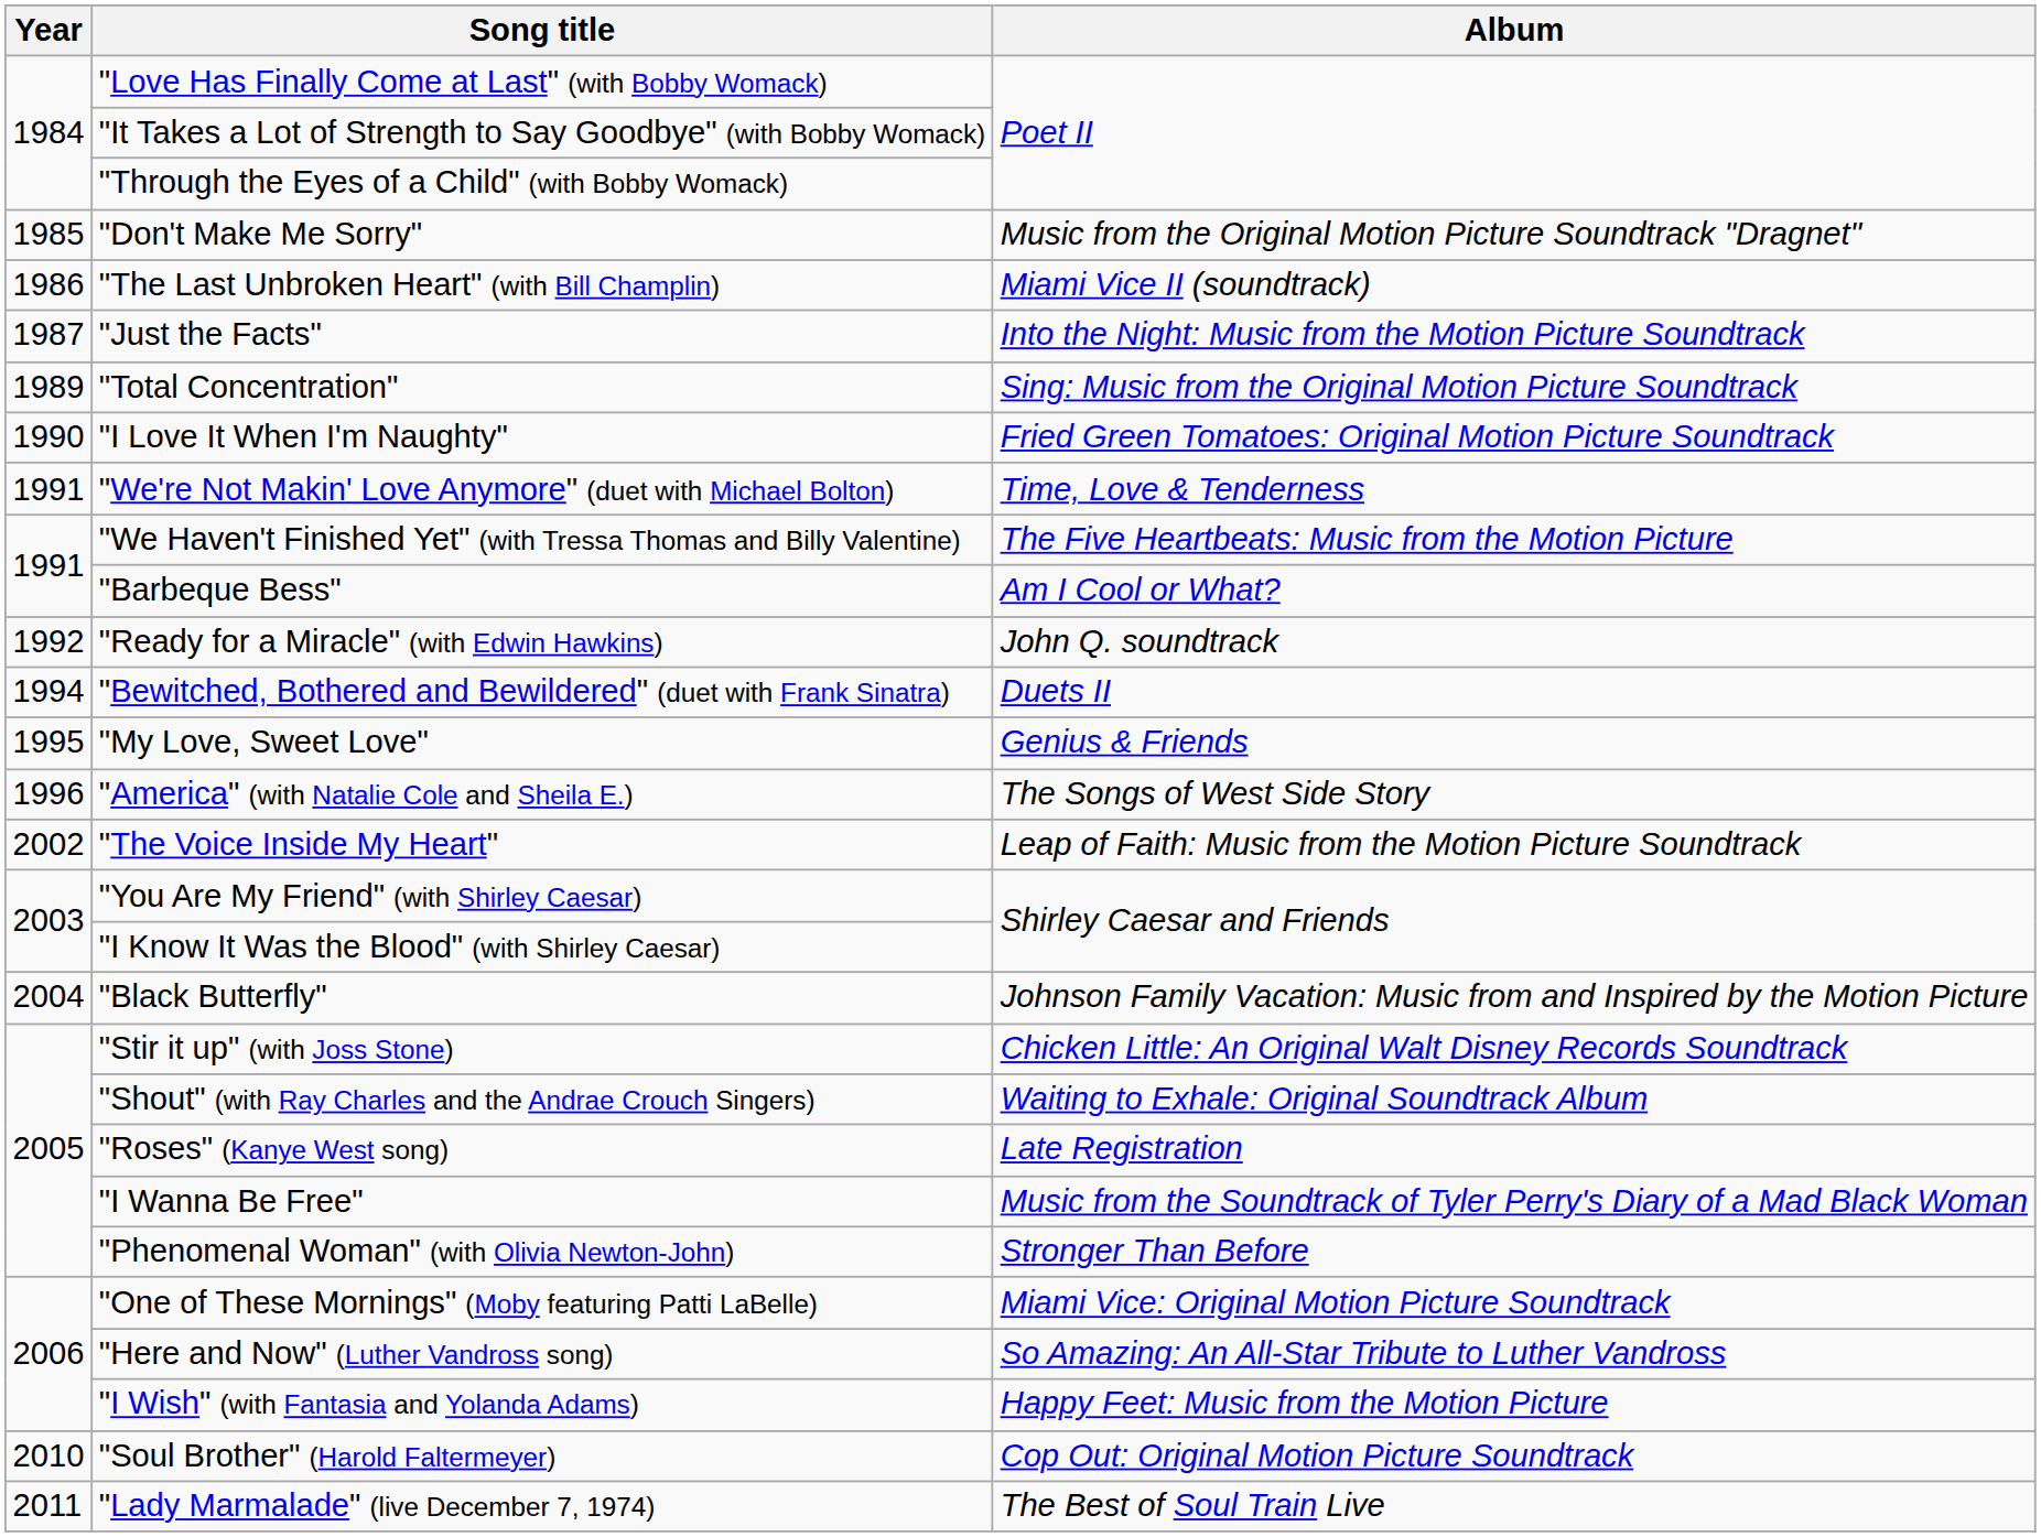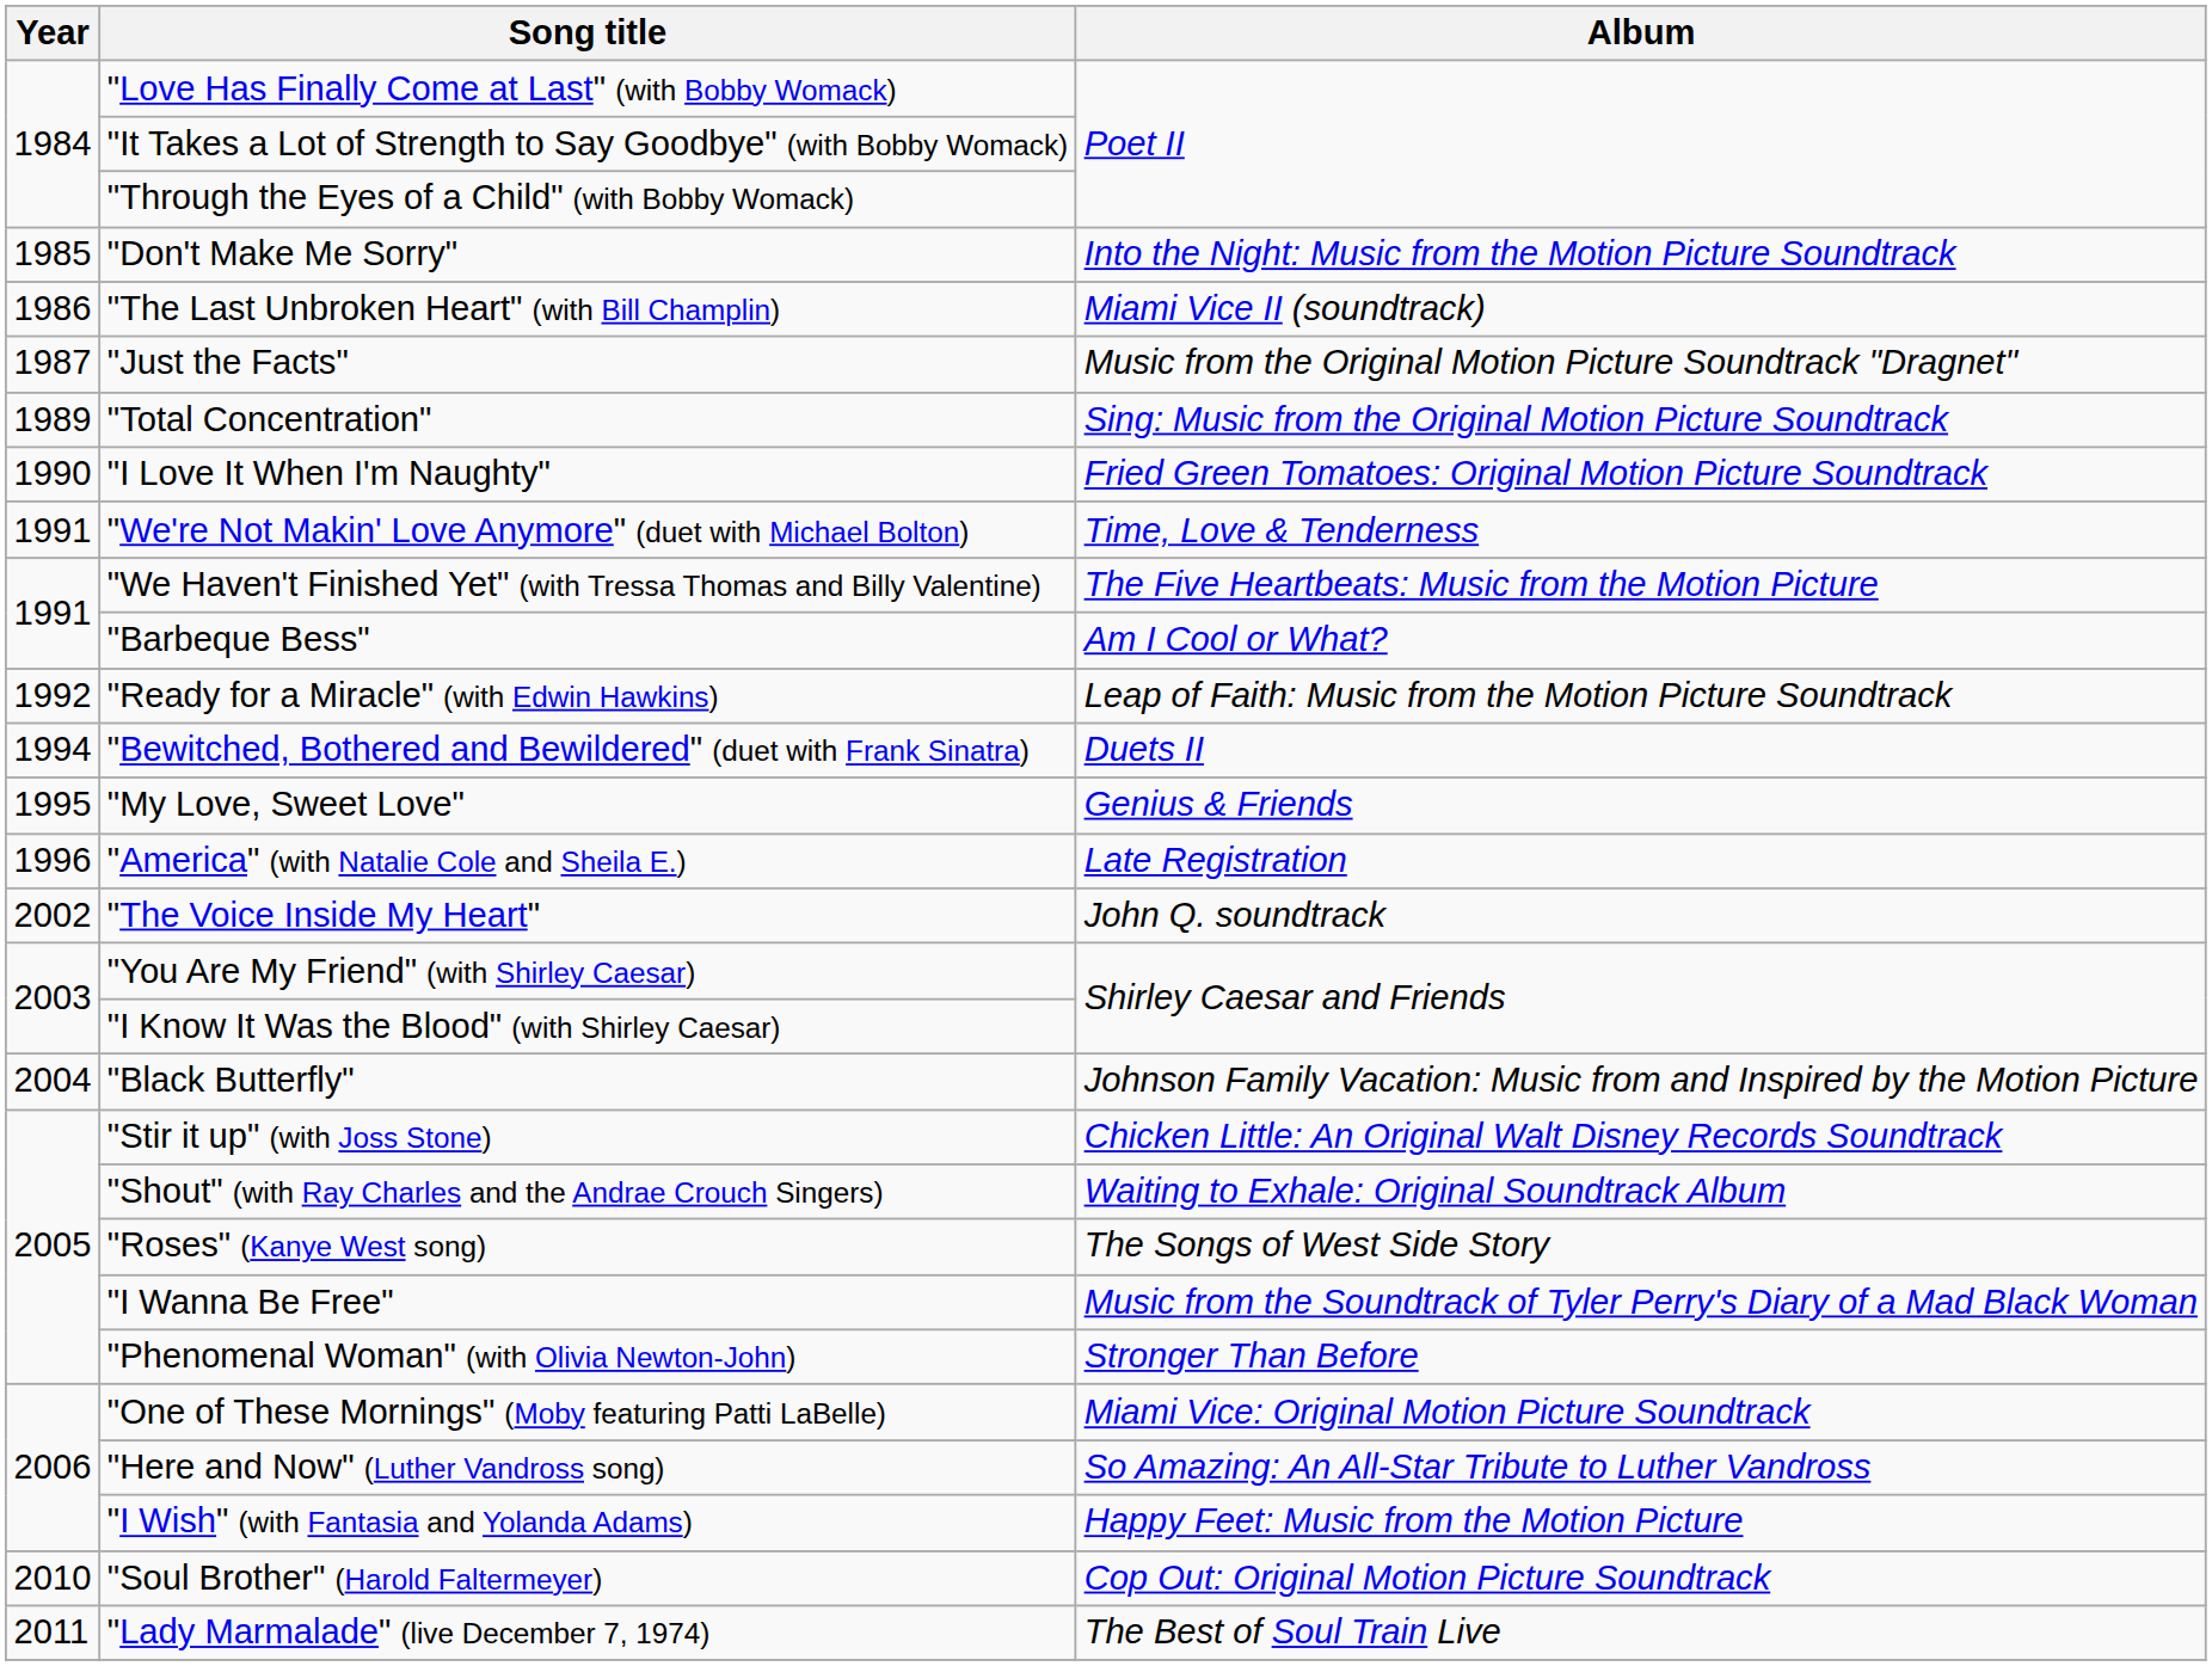 <table class="wikitable">
 <tr>
 <th>Year</th>
 <th>Song title</th>
 <th>Album</th>
 </tr>
 <tr>
 <td rowspan="3">1984</td>
 <td>"<a href='#'>Love Has Finally Come at Last</a>" <small>(with <a href='#'>Bobby Womack</a>)</small></td>
 <td rowspan="3"><em><a href='#'>Poet II</a></em></td>
 </tr>
 <tr>
 <td>"It Takes a Lot of Strength to Say Goodbye" <small>(with Bobby Womack)</small></td>
 </tr>
 <tr>
 <td>"Through the Eyes of a Child" <small>(with Bobby Womack)</small></td>
 </tr>
 <tr>
 <td>1985</td>
 <td>"Don't Make Me Sorry"</td>
-<td><em>Music from the Original Motion Picture Soundtrack "Dragnet"</em></td>
+<td><em><a href='#'>Into the Night: Music from the Motion Picture Soundtrack</a></em></td>
 </tr>
 <tr>
 <td>1986</td>
 <td>"The Last Unbroken Heart" <small>(with <a href='#'>Bill Champlin</a>)</small></td>
 <td><em><a href='#'>Miami Vice II</a> (soundtrack)</em></td>
 </tr>
 <tr>
 <td>1987</td>
 <td>"Just the Facts"</td>
-<td><em><a href='#'>Into the Night: Music from the Motion Picture Soundtrack</a></em></td>
+<td><em>Music from the Original Motion Picture Soundtrack "Dragnet"</em></td>
 </tr>
 <tr>
 <td>1989</td>
 <td>"Total Concentration"</td>
 <td><em><a href='#'>Sing: Music from the Original Motion Picture Soundtrack</a></em></td>
 </tr>
 <tr>
 <td>1990</td>
 <td>"I Love It When I'm Naughty"</td>
 <td><em><a href='#'>Fried Green Tomatoes: Original Motion Picture Soundtrack</a></em></td>
 </tr>
 <tr>
 <td>1991</td>
 <td>"<a href='#'>We're Not Makin' Love Anymore</a>" <small>(duet with <a href='#'>Michael Bolton</a>)</small></td>
 <td><em><a href='#'>Time, Love & Tenderness</a></em></td>
 </tr>
 <tr>
 <td rowspan="2">1991</td>
 <td>"We Haven't Finished Yet" <small>(with Tressa Thomas and Billy Valentine)</small></td>
 <td><em><a href='#'>The Five Heartbeats: Music from the Motion Picture</a></em></td>
 </tr>
 <tr>
 <td>"Barbeque Bess"</td>
 <td><em><a href='#'>Am I Cool or What?</a></em></td>
 </tr>
 <tr>
 <td>1992</td>
 <td>"Ready for a Miracle" <small>(with <a href='#'>Edwin Hawkins</a>)</small></td>
-<td><em>John Q. soundtrack</em></td>
+<td><em>Leap of Faith: Music from the Motion Picture Soundtrack</em></td>
 </tr>
 <tr>
 <td>1994</td>
 <td>"<a href='#'>Bewitched, Bothered and Bewildered</a>" <small>(duet with <a href='#'>Frank Sinatra</a>)</small></td>
 <td><em><a href='#'>Duets II</a></em></td>
 </tr>
 <tr>
 <td>1995</td>
 <td>"My Love, Sweet Love"</td>
 <td><em><a href='#'>Genius & Friends</a></em></td>
 </tr>
 <tr>
 <td>1996</td>
 <td>"<a href='#'>America</a>" <small>(with <a href='#'>Natalie Cole</a> and <a href='#'>Sheila E.</a>)</small></td>
-<td><em>The Songs of West Side Story</em></td>
+<td><em><a href='#'>Late Registration</a></em></td>
 </tr>
 <tr>
 <td>2002</td>
 <td>"<a href='#'>The Voice Inside My Heart</a>"</td>
-<td><em>Leap of Faith: Music from the Motion Picture Soundtrack</em></td>
+<td><em>John Q. soundtrack</em></td>
 </tr>
 <tr>
 <td rowspan="2">2003</td>
 <td>"You Are My Friend" <small>(with <a href='#'>Shirley Caesar</a>)</small></td>
 <td rowspan="2"><em>Shirley Caesar and Friends</em></td>
 </tr>
 <tr>
 <td>"I Know It Was the Blood" <small>(with Shirley Caesar)</small></td>
 </tr>
 <tr>
 <td>2004</td>
 <td>"Black Butterfly"</td>
 <td><em>Johnson Family Vacation: Music from and Inspired by the Motion Picture</em></td>
 </tr>
 <tr>
 <td rowspan="5">2005</td>
 <td>"Stir it up" <small>(with <a href='#'>Joss Stone</a>) </small></td>
 <td><em><a href='#'>Chicken Little: An Original Walt Disney Records Soundtrack</a></em></td>
 </tr>
 <tr>
 <td>"Shout" <small>(with <a href='#'>Ray Charles</a> and the <a href='#'>Andrae Crouch</a> Singers)</small></td>
 <td><em><a href='#'>Waiting to Exhale: Original Soundtrack Album</a></em></td>
 </tr>
 <tr>
 <td>"Roses" <small>(<a href='#'>Kanye West</a> song)</small></td>
-<td><em><a href='#'>Late Registration</a></em></td>
+<td><em>The Songs of West Side Story</em></td>
 </tr>
 <tr>
 <td>"I Wanna Be Free"</td>
 <td><em><a href='#'>Music from the Soundtrack of Tyler Perry's Diary of a Mad Black Woman</a></em></td>
 </tr>
 <tr>
 <td>"Phenomenal Woman" <small>(with <a href='#'>Olivia Newton-John</a>) </small></td>
 <td><em><a href='#'>Stronger Than Before</a></em></td>
 </tr>
 <tr>
 <td rowspan="3">2006</td>
 <td>"One of These Mornings" <small>(<a href='#'>Moby</a> featuring Patti LaBelle)</small></td>
 <td><em><a href='#'>Miami Vice: Original Motion Picture Soundtrack</a></em></td>
 </tr>
 <tr>
 <td>"Here and Now" <small>(<a href='#'>Luther Vandross</a> song)</small></td>
 <td><em><a href='#'>So Amazing: An All-Star Tribute to Luther Vandross</a></em></td>
 </tr>
 <tr>
 <td>"<a href='#'>I Wish</a>" <small>(with <a href='#'>Fantasia</a> and <a href='#'>Yolanda Adams</a>)</small></td>
 <td><em><a href='#'>Happy Feet: Music from the Motion Picture</a></em></td>
 </tr>
 <tr>
 <td rowspan="1">2010</td>
 <td>"Soul Brother" <small>(<a href='#'>Harold Faltermeyer</a>)</small></td>
 <td><em><a href='#'>Cop Out: Original Motion Picture Soundtrack</a></em></td>
 </tr>
 <tr>
 <td>2011</td>
 <td>"<a href='#'>Lady Marmalade</a>" <small>(live December 7, 1974)</small></td>
 <td><em>The Best of <a href='#'>Soul Train</a> Live</em></td>
 </tr>
 </table>
